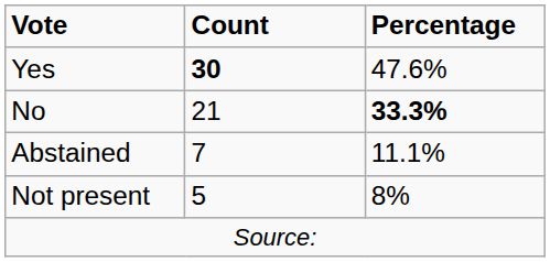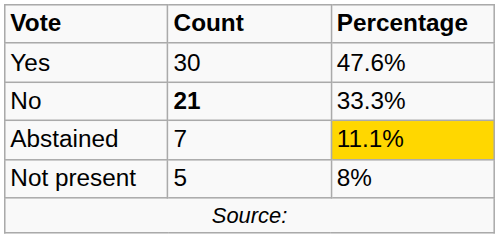 <table class="wikitable">
 <tr>
 <td width="100"><strong>Vote</strong></td>
 <td width="100"><strong>Count</strong></td>
 <td width="100"><strong>Percentage</strong></td>
 </tr>
 <tr>
 <td>Yes</td>
-<td><strong>30</strong></td>
+<td>30</td>
 <td>47.6%</td>
 </tr>
 <tr>
 <td>No</td>
-<td>21</td>
-<td><strong>33.3%</strong></td>
+<td><strong>21</strong></td>
+<td>33.3%</td>
 </tr>
 <tr>
 <td>Abstained</td>
 <td>7</td>
-<td>11.1%</td>
+<td style="background: gold;">11.1%</td>
 </tr>
 <tr>
 <td>Not present</td>
 <td>5</td>
 <td>8%</td>
 </tr>
 <tr>
 <td colspan="14" style="text-align:center;font-size:90%;"><em>Source: </em></td>
 </tr>
 </table>
